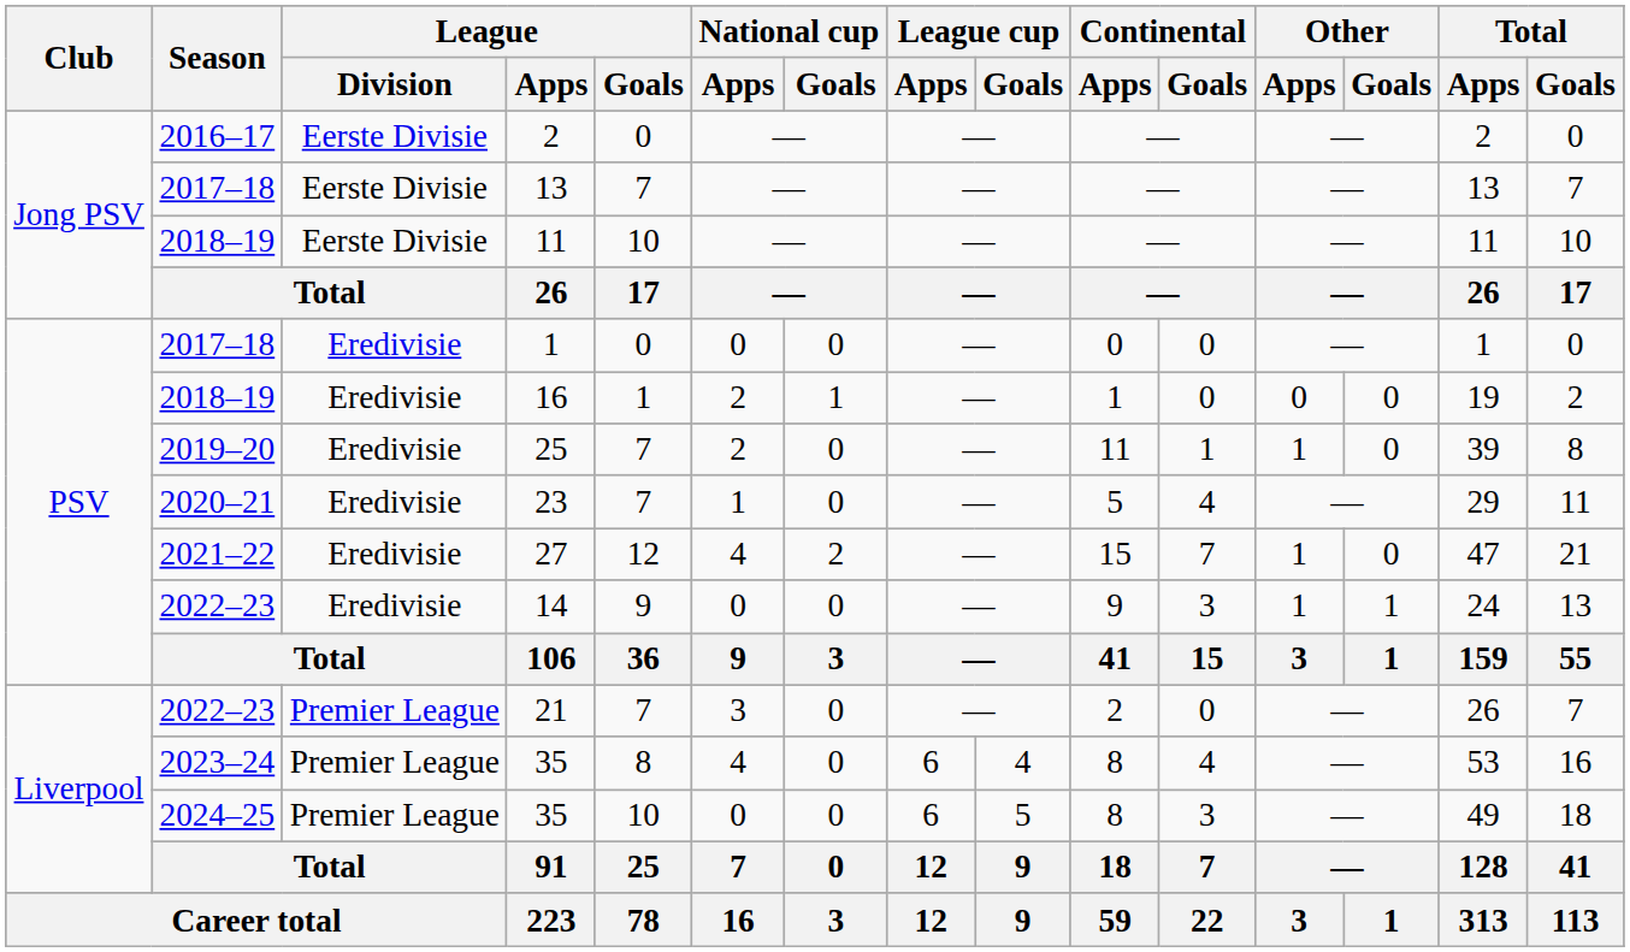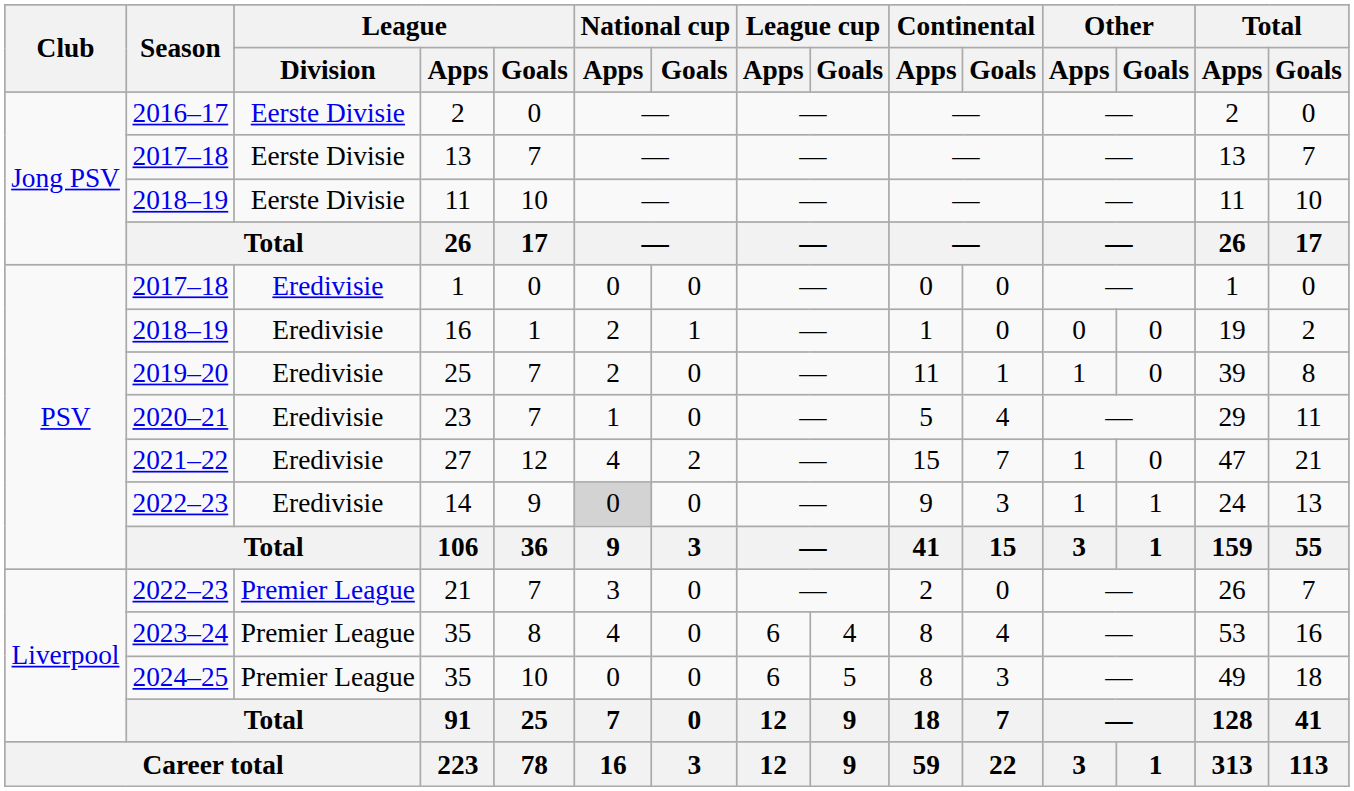 <table class="wikitable" style="text-align: center;">
 <tr>
 <th rowspan="2">Club</th>
 <th rowspan="2">Season</th>
 <th colspan="3">League</th>
 <th colspan="2">National cup</th>
 <th colspan="2">League cup</th>
 <th colspan="2">Continental</th>
 <th colspan="2">Other</th>
 <th colspan="2">Total</th>
 </tr>
 <tr>
 <th>Division</th>
 <th>Apps</th>
 <th>Goals</th>
 <th>Apps</th>
 <th>Goals</th>
 <th>Apps</th>
 <th>Goals</th>
 <th>Apps</th>
 <th>Goals</th>
 <th>Apps</th>
 <th>Goals</th>
 <th>Apps</th>
 <th>Goals</th>
 </tr>
 <tr>
 <td rowspan="4"><a href='#'>Jong PSV</a></td>
 <td><a href='#'>2016–17</a></td>
 <td><a href='#'>Eerste Divisie</a></td>
 <td>2</td>
 <td>0</td>
 <td colspan="2">—</td>
 <td colspan="2">—</td>
 <td colspan="2">—</td>
 <td colspan="2">—</td>
 <td>2</td>
 <td>0</td>
 </tr>
 <tr>
 <td><a href='#'>2017–18</a></td>
 <td>Eerste Divisie</td>
 <td>13</td>
 <td>7</td>
 <td colspan="2">—</td>
 <td colspan="2">—</td>
 <td colspan="2">—</td>
 <td colspan="2">—</td>
 <td>13</td>
 <td>7</td>
 </tr>
 <tr>
 <td><a href='#'>2018–19</a></td>
 <td>Eerste Divisie</td>
 <td>11</td>
 <td>10</td>
 <td colspan="2">—</td>
 <td colspan="2">—</td>
 <td colspan="2">—</td>
 <td colspan="2">—</td>
 <td>11</td>
 <td>10</td>
 </tr>
 <tr>
 <th colspan="2">Total</th>
 <th>26</th>
 <th>17</th>
 <th colspan="2">—</th>
 <th colspan="2">—</th>
 <th colspan="2">—</th>
 <th colspan="2">—</th>
 <th>26</th>
 <th>17</th>
 </tr>
 <tr>
 <td rowspan="7"><a href='#'>PSV</a></td>
 <td><a href='#'>2017–18</a></td>
 <td><a href='#'>Eredivisie</a></td>
 <td>1</td>
 <td>0</td>
 <td>0</td>
 <td>0</td>
 <td colspan="2">—</td>
 <td>0</td>
 <td>0</td>
 <td colspan="2">—</td>
 <td>1</td>
 <td>0</td>
 </tr>
 <tr>
 <td><a href='#'>2018–19</a></td>
 <td>Eredivisie</td>
 <td>16</td>
 <td>1</td>
 <td>2</td>
 <td>1</td>
 <td colspan="2">—</td>
 <td>1</td>
 <td>0</td>
 <td>0</td>
 <td>0</td>
 <td>19</td>
 <td>2</td>
 </tr>
 <tr>
 <td><a href='#'>2019–20</a></td>
 <td>Eredivisie</td>
 <td>25</td>
 <td>7</td>
 <td>2</td>
 <td>0</td>
 <td colspan="2">—</td>
 <td>11</td>
 <td>1</td>
 <td>1</td>
 <td>0</td>
 <td>39</td>
 <td>8</td>
 </tr>
 <tr>
 <td><a href='#'>2020–21</a></td>
 <td>Eredivisie</td>
 <td>23</td>
 <td>7</td>
 <td>1</td>
 <td>0</td>
 <td colspan="2">—</td>
 <td>5</td>
 <td>4</td>
 <td colspan="2">—</td>
 <td>29</td>
 <td>11</td>
 </tr>
 <tr>
 <td><a href='#'>2021–22</a></td>
 <td>Eredivisie</td>
 <td>27</td>
 <td>12</td>
 <td>4</td>
 <td>2</td>
 <td colspan="2">—</td>
 <td>15</td>
 <td>7</td>
 <td>1</td>
 <td>0</td>
 <td>47</td>
 <td>21</td>
 </tr>
 <tr>
 <td><a href='#'>2022–23</a></td>
 <td>Eredivisie</td>
 <td>14</td>
 <td>9</td>
-<td>0</td>
+<td style="background: lightgrey;">0</td>
 <td>0</td>
 <td colspan="2">—</td>
 <td>9</td>
 <td>3</td>
 <td>1</td>
 <td>1</td>
 <td>24</td>
 <td>13</td>
 </tr>
 <tr>
 <th colspan="2">Total</th>
 <th>106</th>
 <th>36</th>
 <th>9</th>
 <th>3</th>
 <th colspan="2">—</th>
 <th>41</th>
 <th>15</th>
 <th>3</th>
 <th>1</th>
 <th>159</th>
 <th>55</th>
 </tr>
 <tr>
 <td rowspan="4"><a href='#'>Liverpool</a></td>
 <td><a href='#'>2022–23</a></td>
 <td><a href='#'>Premier League</a></td>
 <td>21</td>
 <td>7</td>
 <td>3</td>
 <td>0</td>
 <td colspan="2">—</td>
 <td>2</td>
 <td>0</td>
 <td colspan="2">—</td>
 <td>26</td>
 <td>7</td>
 </tr>
 <tr>
 <td><a href='#'>2023–24</a></td>
 <td>Premier League</td>
 <td>35</td>
 <td>8</td>
 <td>4</td>
 <td>0</td>
 <td>6</td>
 <td>4</td>
 <td>8</td>
 <td>4</td>
 <td colspan="2">—</td>
 <td>53</td>
 <td>16</td>
 </tr>
 <tr>
 <td><a href='#'>2024–25</a></td>
 <td>Premier League</td>
 <td>35</td>
 <td>10</td>
 <td>0</td>
 <td>0</td>
 <td>6</td>
 <td>5</td>
 <td>8</td>
 <td>3</td>
 <td colspan="2">—</td>
 <td>49</td>
 <td>18</td>
 </tr>
 <tr>
 <th colspan="2">Total</th>
 <th>91</th>
 <th>25</th>
 <th>7</th>
 <th>0</th>
 <th>12</th>
 <th>9</th>
 <th>18</th>
 <th>7</th>
 <th colspan="2">—</th>
 <th>128</th>
 <th>41</th>
 </tr>
 <tr>
 <th colspan="3">Career total</th>
 <th>223</th>
 <th>78</th>
 <th>16</th>
 <th>3</th>
 <th>12</th>
 <th>9</th>
 <th>59</th>
 <th>22</th>
 <th>3</th>
 <th>1</th>
 <th>313</th>
 <th>113</th>
 </tr>
 </table>
